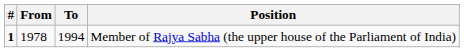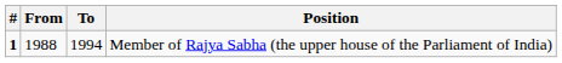 <table class="wikitable">
 <tr>
 <th>#</th>
 <th>From</th>
 <th>To</th>
 <th>Position</th>
 </tr>
 <tr>
 <td><strong>1</strong></td>
-<td>1978</td>
+<td>1988</td>
 <td>1994</td>
 <td>Member of <a href='#'>Rajya Sabha</a> (the upper house of the Parliament of India)</td>
 </tr>
 </table>
